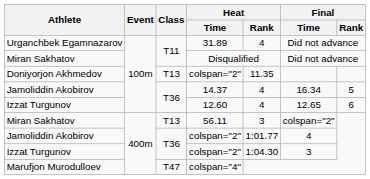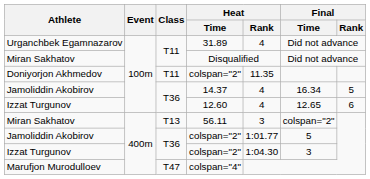 <table class="wikitable" style="text-align:center; font-size:90%">
 <tr>
 <th rowspan="2">Athlete</th>
 <th rowspan="2">Event</th>
 <th rowspan="2">Class</th>
 <th colspan="2">Heat</th>
 <th colspan="2">Final</th>
 </tr>
 <tr>
 <th>Time</th>
 <th>Rank</th>
 <th>Time</th>
 <th>Rank</th>
 </tr>
 <tr>
 <td align=left>Urganchbek Egamnazarov</td>
 <td rowspan="5">100m</td>
 <td rowspan="2">T11</td>
 <td>31.89</td>
 <td>4</td>
 <td colspan="2">Did not advance</td>
 </tr>
 <tr>
 <td align=left>Miran Sakhatov</td>
 <td colspan="2">Disqualified</td>
 <td colspan="2">Did not advance</td>
 </tr>
 <tr>
 <td align=left>Doniyorjon Akhmedov</td>
-<td>T13</td>
+<td>T11</td>
 <td>colspan="2" </td>
 <td>11.35</td>
 <td></td>
 </tr>
 <tr>
 <td align=left>Jamoliddin Akobirov</td>
 <td rowspan="2">T36</td>
 <td>14.37</td>
 <td>4</td>
 <td>16.34</td>
 <td>5</td>
 </tr>
 <tr>
 <td align=left>Izzat Turgunov</td>
 <td>12.60</td>
 <td>4</td>
 <td>12.65</td>
 <td>6</td>
 </tr>
 <tr>
 <td align=left>Miran Sakhatov</td>
 <td rowspan="4">400m</td>
 <td>T13</td>
 <td>56.11</td>
 <td>3</td>
 <td>colspan="2" </td>
 </tr>
 <tr>
 <td align=left>Jamoliddin Akobirov</td>
 <td rowspan="2">T36</td>
 <td>colspan="2" </td>
 <td>1:01.77</td>
-<td>4</td>
+<td>5</td>
 </tr>
 <tr>
 <td align=left>Izzat Turgunov</td>
 <td>colspan="2" </td>
 <td>1:04.30</td>
 <td>3</td>
 </tr>
 <tr>
 <td align=left>Marufjon Murodulloev</td>
 <td>T47</td>
 <td>colspan="4" </td>
 </tr>
 </table>
